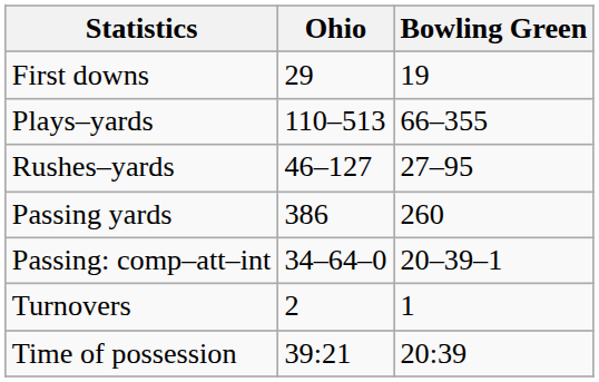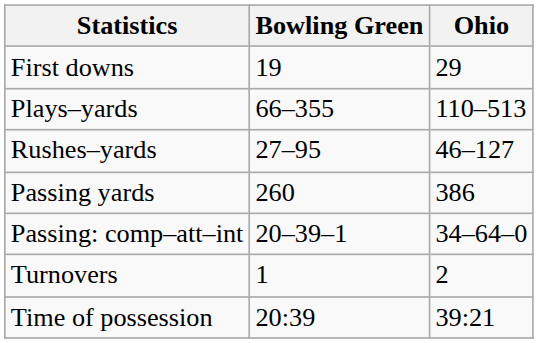 <table class="wikitable" style="float:left">
 <tr>
 <th>Statistics</th>
+<th>Bowling Green</th>
 <th>Ohio</th>
-<th>Bowling Green</th>
 </tr>
 <tr>
 <td>First downs</td>
+<td>19</td>
 <td>29</td>
-<td>19</td>
 </tr>
 <tr>
 <td>Plays–yards</td>
+<td>66–355</td>
 <td>110–513</td>
-<td>66–355</td>
 </tr>
 <tr>
 <td>Rushes–yards</td>
+<td>27–95</td>
 <td>46–127</td>
-<td>27–95</td>
 </tr>
 <tr>
 <td>Passing yards</td>
+<td>260</td>
 <td>386</td>
-<td>260</td>
 </tr>
 <tr>
 <td>Passing: comp–att–int</td>
+<td>20–39–1</td>
 <td>34–64–0</td>
-<td>20–39–1</td>
 </tr>
 <tr>
 <td>Turnovers</td>
+<td>1</td>
 <td>2</td>
-<td>1</td>
 </tr>
 <tr>
 <td>Time of possession</td>
+<td>20:39</td>
 <td>39:21</td>
-<td>20:39</td>
 </tr>
 </table>
